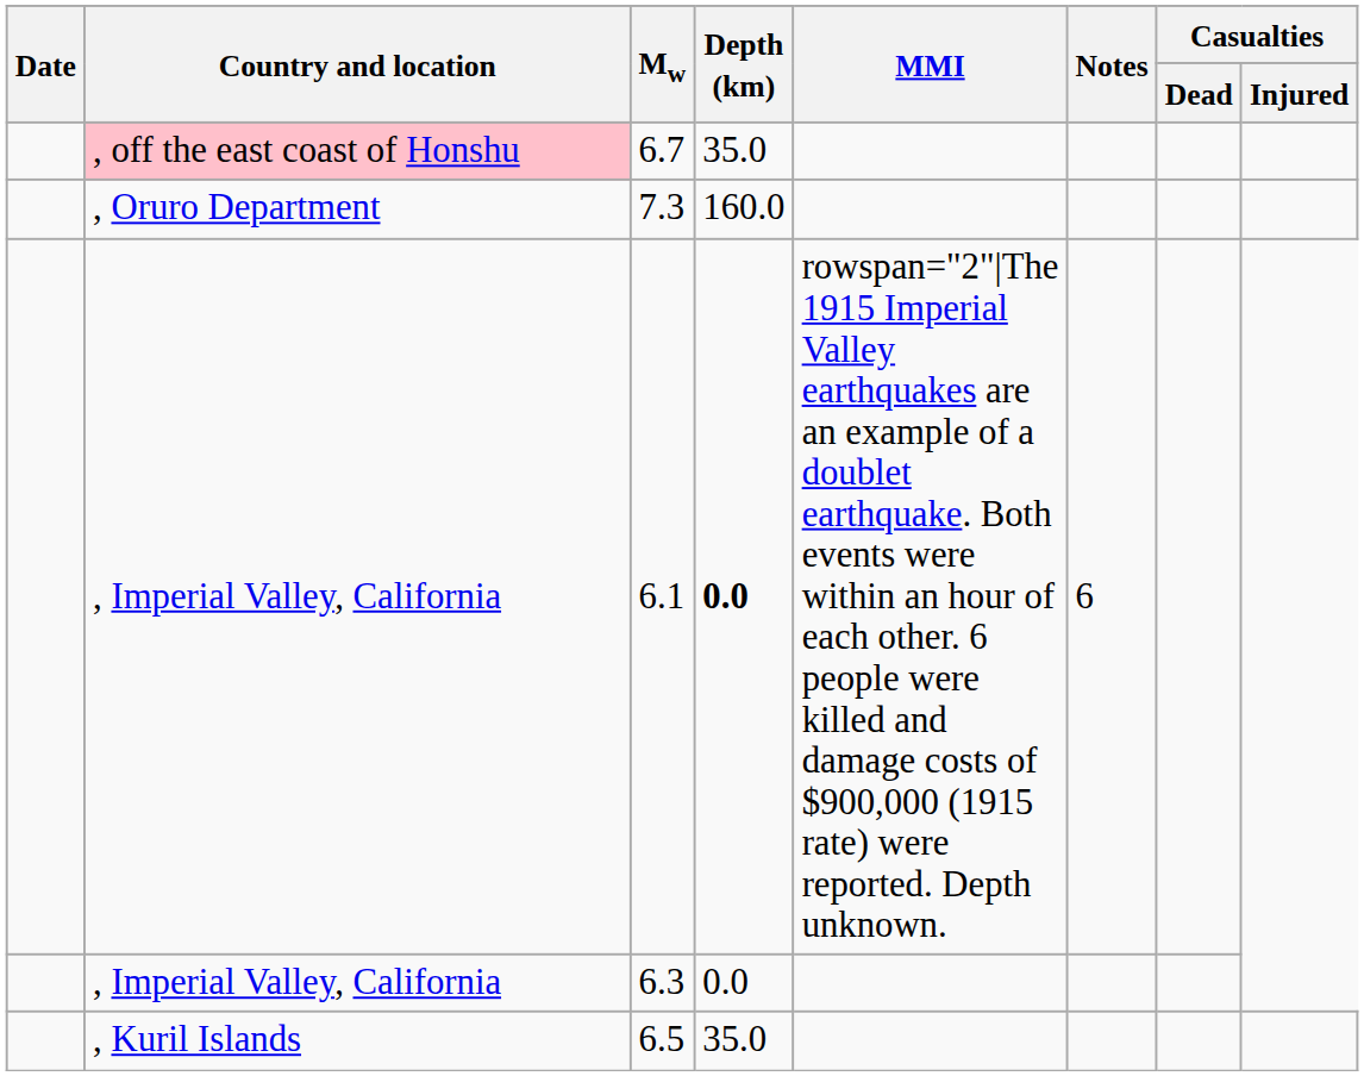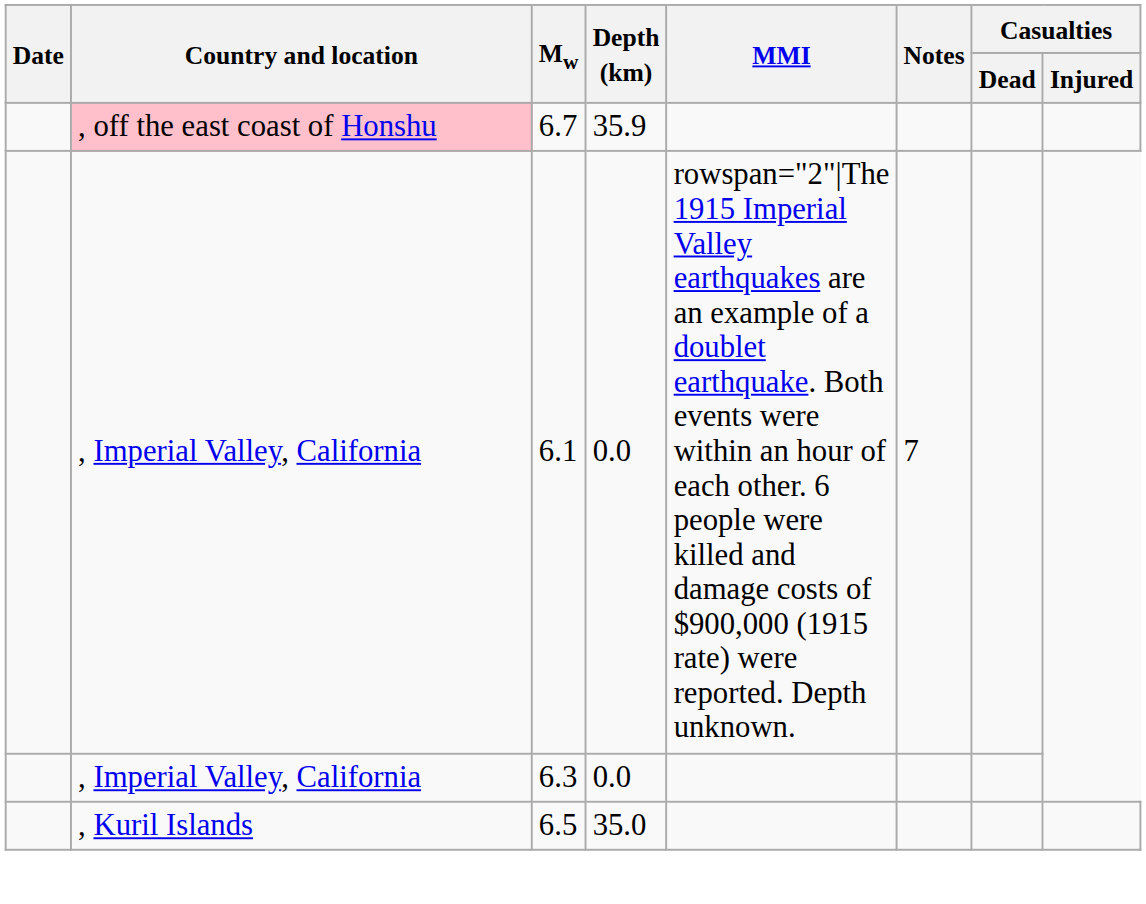 <table class="wikitable sortable sort-under" style="border:1px black; margin-left:1em;">
 <tr>
 <th rowspan="2"><small>Date</small></th>
 <th rowspan="2" style="width: 310px"><small>Country and location</small></th>
 <th rowspan="2"><small>M<sub>w</sub></small></th>
 <th rowspan="2"><small>Depth (km)</small></th>
 <th rowspan="2"><small><a href='#'>MMI</a></small></th>
 <th rowspan="2" class="unsortable"><small>Notes</small></th>
 <th colspan="2"><small>Casualties</small></th>
 </tr>
 <tr>
 <th><small>Dead</small></th>
 <th><small>Injured</small></th>
 </tr>
 <tr>
 <td></td>
 <td style="background: pink;">, off the east coast of <a href='#'>Honshu</a></td>
 <td>6.7</td>
-<td>35.0</td>
-<td></td>
-<td></td>
-<td></td>
-<td></td>
-</tr>
-<tr>
-<td></td>
-<td>, <a href='#'>Oruro Department</a></td>
-<td>7.3</td>
-<td>160.0</td>
+<td>35.9</td>
 <td></td>
 <td></td>
 <td></td>
 <td></td>
 </tr>
 <tr>
 <td></td>
 <td>, <a href='#'>Imperial Valley</a>, <a href='#'>California</a></td>
 <td>6.1</td>
-<td><strong>0.0</strong></td>
+<td>0.0</td>
 <td>rowspan="2"|The <a href='#'>1915 Imperial Valley earthquakes</a> are an example of a <a href='#'>doublet earthquake</a>. Both events were within an hour of each other. 6 people were killed and damage costs of $900,000 (1915 rate) were reported. Depth unknown.</td>
-<td>6</td>
+<td>7</td>
 <td></td>
 </tr>
 <tr>
 <td></td>
 <td>, <a href='#'>Imperial Valley</a>, <a href='#'>California</a></td>
 <td>6.3</td>
 <td>0.0</td>
 <td></td>
 <td></td>
 <td></td>
 </tr>
 <tr>
 <td></td>
 <td>, <a href='#'>Kuril Islands</a></td>
 <td>6.5</td>
 <td>35.0</td>
 <td></td>
 <td></td>
 <td></td>
 <td></td>
 </tr>
 </table>
